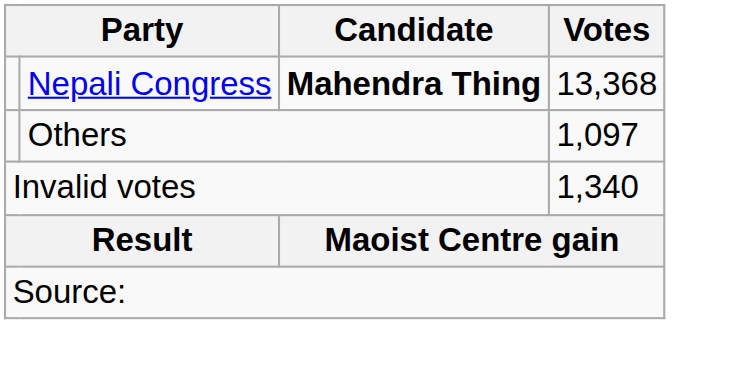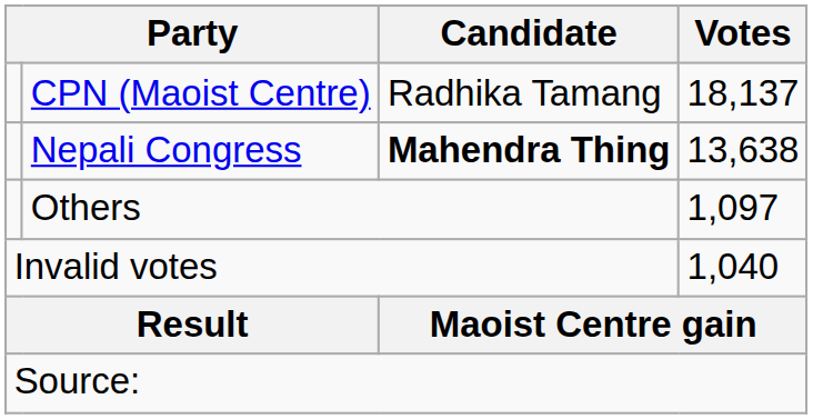 <table class="wikitable">
 <tr>
 <th colspan="2">Party</th>
 <th>Candidate</th>
 <th>Votes</th>
 </tr>
 <tr>
 <td style="background-color:"></td>
+<td><a href='#'>CPN (Maoist Centre)</a></td>
+<td>Radhika Tamang</td>
+<td>18,137</td>
+</tr>
+<tr>
+<td style="background-color:"></td>
 <td><a href='#'>Nepali Congress</a></td>
 <td><strong>Mahendra Thing</strong></td>
-<td>13,368</td>
+<td>13,638</td>
 </tr>
 <tr>
 <td></td>
 <td colspan="2">Others</td>
 <td>1,097</td>
 </tr>
 <tr>
 <td colspan="3">Invalid votes</td>
-<td>1,340</td>
+<td>1,040</td>
 </tr>
 <tr>
 <th colspan="2">Result</th>
 <th colspan="2">Maoist Centre gain</th>
 </tr>
 <tr>
 <td colspan="4">Source: </td>
 </tr>
 </table>
